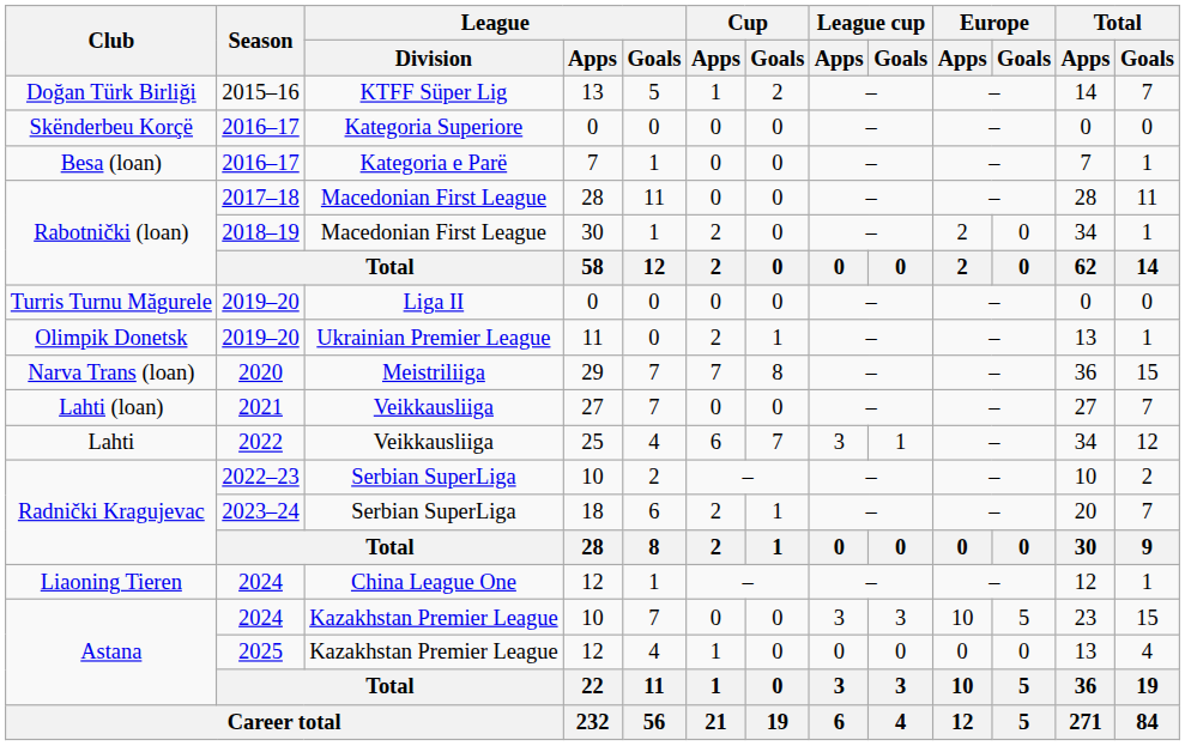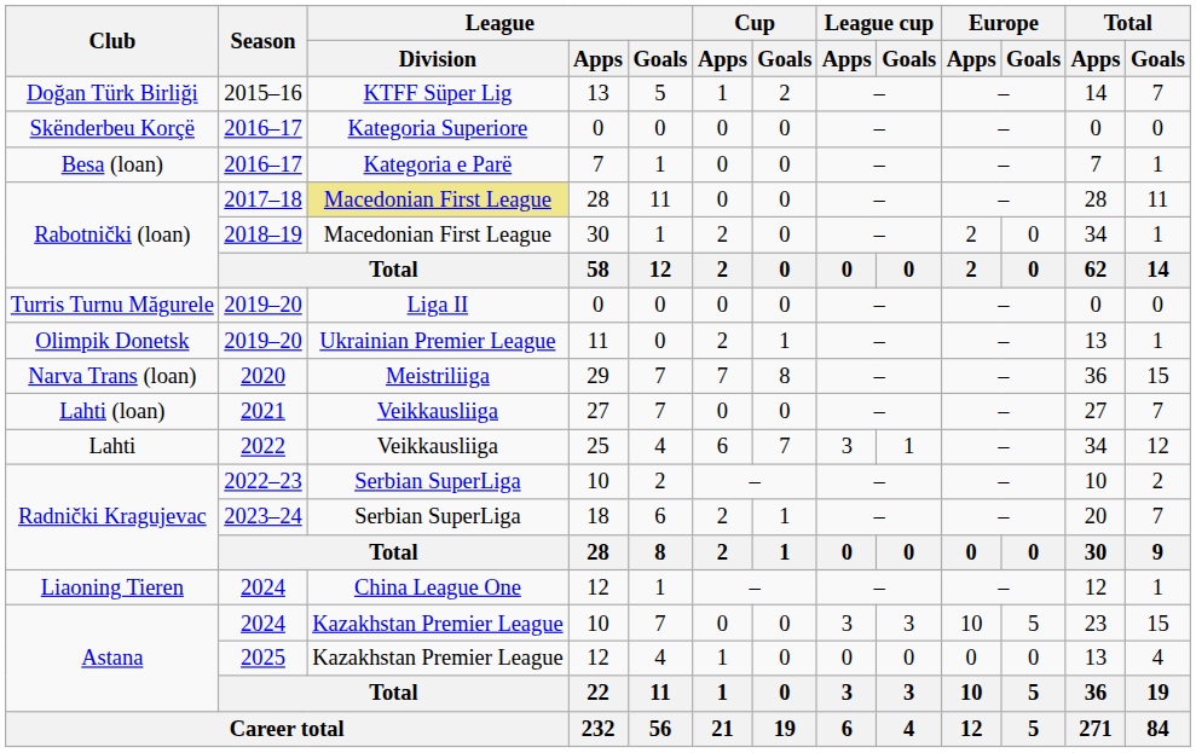 <table class="wikitable" style="text-align:center">
 <tr>
 <th rowspan="2">Club</th>
 <th rowspan="2">Season</th>
 <th colspan="3">League</th>
 <th colspan="2">Cup</th>
 <th colspan="2">League cup</th>
 <th colspan="2">Europe</th>
 <th colspan="2">Total</th>
 </tr>
 <tr>
 <th>Division</th>
 <th>Apps</th>
 <th>Goals</th>
 <th>Apps</th>
 <th>Goals</th>
 <th>Apps</th>
 <th>Goals</th>
 <th>Apps</th>
 <th>Goals</th>
 <th>Apps</th>
 <th>Goals</th>
 </tr>
 <tr>
 <td><a href='#'>Doğan Türk Birliği</a></td>
 <td>2015–16</td>
 <td><a href='#'>KTFF Süper Lig</a></td>
 <td>13</td>
 <td>5</td>
 <td>1</td>
 <td>2</td>
 <td colspan=2>–</td>
 <td colspan=2>–</td>
 <td>14</td>
 <td>7</td>
 </tr>
 <tr>
 <td><a href='#'>Skënderbeu Korçë</a></td>
 <td><a href='#'>2016–17</a></td>
 <td><a href='#'>Kategoria Superiore</a></td>
 <td>0</td>
 <td>0</td>
 <td>0</td>
 <td>0</td>
 <td colspan=2>–</td>
 <td colspan=2>–</td>
 <td>0</td>
 <td>0</td>
 </tr>
 <tr>
 <td><a href='#'>Besa</a> (loan)</td>
 <td><a href='#'>2016–17</a></td>
 <td><a href='#'>Kategoria e Parë</a></td>
 <td>7</td>
 <td>1</td>
 <td>0</td>
 <td>0</td>
 <td colspan=2>–</td>
 <td colspan=2>–</td>
 <td>7</td>
 <td>1</td>
 </tr>
 <tr>
 <td rowspan=3><a href='#'>Rabotnički</a> (loan)</td>
 <td><a href='#'>2017–18</a></td>
-<td><a href='#'>Macedonian First League</a></td>
+<td style="background: khaki;"><a href='#'>Macedonian First League</a></td>
 <td>28</td>
 <td>11</td>
 <td>0</td>
 <td>0</td>
 <td colspan=2>–</td>
 <td colspan=2>–</td>
 <td>28</td>
 <td>11</td>
 </tr>
 <tr>
 <td><a href='#'>2018–19</a></td>
 <td>Macedonian First League</td>
 <td>30</td>
 <td>1</td>
 <td>2</td>
 <td>0</td>
 <td colspan=2>–</td>
 <td>2</td>
 <td>0</td>
 <td>34</td>
 <td>1</td>
 </tr>
 <tr>
 <th colspan="2">Total</th>
 <th>58</th>
 <th>12</th>
 <th>2</th>
 <th>0</th>
 <th>0</th>
 <th>0</th>
 <th>2</th>
 <th>0</th>
 <th>62</th>
 <th>14</th>
 </tr>
 <tr>
 <td><a href='#'>Turris Turnu Măgurele</a></td>
 <td><a href='#'>2019–20</a></td>
 <td><a href='#'>Liga II</a></td>
 <td>0</td>
 <td>0</td>
 <td>0</td>
 <td>0</td>
 <td colspan=2>–</td>
 <td colspan=2>–</td>
 <td>0</td>
 <td>0</td>
 </tr>
 <tr>
 <td><a href='#'>Olimpik Donetsk</a></td>
 <td><a href='#'>2019–20</a></td>
 <td><a href='#'>Ukrainian Premier League</a></td>
 <td>11</td>
 <td>0</td>
 <td>2</td>
 <td>1</td>
 <td colspan=2>–</td>
 <td colspan=2>–</td>
 <td>13</td>
 <td>1</td>
 </tr>
 <tr>
 <td><a href='#'>Narva Trans</a> (loan)</td>
 <td><a href='#'>2020</a></td>
 <td><a href='#'>Meistriliiga</a></td>
 <td>29</td>
 <td>7</td>
 <td>7</td>
 <td>8</td>
 <td colspan=2>–</td>
 <td colspan=2>–</td>
 <td>36</td>
 <td>15</td>
 </tr>
 <tr>
 <td><a href='#'>Lahti</a> (loan)</td>
 <td><a href='#'>2021</a></td>
 <td><a href='#'>Veikkausliiga</a></td>
 <td>27</td>
 <td>7</td>
 <td>0</td>
 <td>0</td>
 <td colspan=2>–</td>
 <td colspan=2>–</td>
 <td>27</td>
 <td>7</td>
 </tr>
 <tr>
 <td>Lahti</td>
 <td><a href='#'>2022</a></td>
 <td>Veikkausliiga</td>
 <td>25</td>
 <td>4</td>
 <td>6</td>
 <td>7</td>
 <td>3</td>
 <td>1</td>
 <td colspan=2>–</td>
 <td>34</td>
 <td>12</td>
 </tr>
 <tr>
 <td rowspan=3><a href='#'>Radnički Kragujevac</a></td>
 <td><a href='#'>2022–23</a></td>
 <td><a href='#'>Serbian SuperLiga</a></td>
 <td>10</td>
 <td>2</td>
 <td colspan=2>–</td>
 <td colspan=2>–</td>
 <td colspan=2>–</td>
 <td>10</td>
 <td>2</td>
 </tr>
 <tr>
 <td><a href='#'>2023–24</a></td>
 <td>Serbian SuperLiga</td>
 <td>18</td>
 <td>6</td>
 <td>2</td>
 <td>1</td>
 <td colspan=2>–</td>
 <td colspan=2>–</td>
 <td>20</td>
 <td>7</td>
 </tr>
 <tr>
 <th colspan="2">Total</th>
 <th>28</th>
 <th>8</th>
 <th>2</th>
 <th>1</th>
 <th>0</th>
 <th>0</th>
 <th>0</th>
 <th>0</th>
 <th>30</th>
 <th>9</th>
 </tr>
 <tr>
 <td><a href='#'>Liaoning Tieren</a></td>
 <td><a href='#'>2024</a></td>
 <td><a href='#'>China League One</a></td>
 <td>12</td>
 <td>1</td>
 <td colspan=2>–</td>
 <td colspan=2>–</td>
 <td colspan=2>–</td>
 <td>12</td>
 <td>1</td>
 </tr>
 <tr>
 <td rowspan=3><a href='#'>Astana</a></td>
 <td><a href='#'>2024</a></td>
 <td><a href='#'>Kazakhstan Premier League</a></td>
 <td>10</td>
 <td>7</td>
 <td>0</td>
 <td>0</td>
 <td>3</td>
 <td>3</td>
 <td>10</td>
 <td>5</td>
 <td>23</td>
 <td>15</td>
 </tr>
 <tr>
 <td><a href='#'>2025</a></td>
 <td>Kazakhstan Premier League</td>
 <td>12</td>
 <td>4</td>
 <td>1</td>
 <td>0</td>
 <td>0</td>
 <td>0</td>
 <td>0</td>
 <td>0</td>
 <td>13</td>
 <td>4</td>
 </tr>
 <tr>
 <th colspan="2">Total</th>
 <th>22</th>
 <th>11</th>
 <th>1</th>
 <th>0</th>
 <th>3</th>
 <th>3</th>
 <th>10</th>
 <th>5</th>
 <th>36</th>
 <th>19</th>
 </tr>
 <tr>
 <th colspan="3">Career total</th>
 <th>232</th>
 <th>56</th>
 <th>21</th>
 <th>19</th>
 <th>6</th>
 <th>4</th>
 <th>12</th>
 <th>5</th>
 <th>271</th>
 <th>84</th>
 </tr>
 </table>
